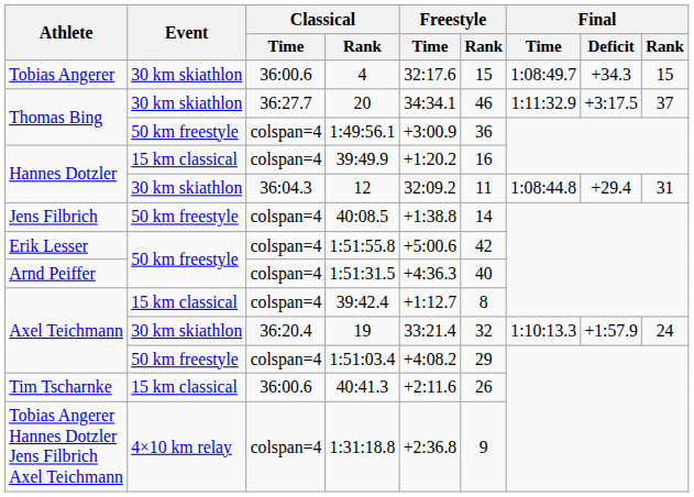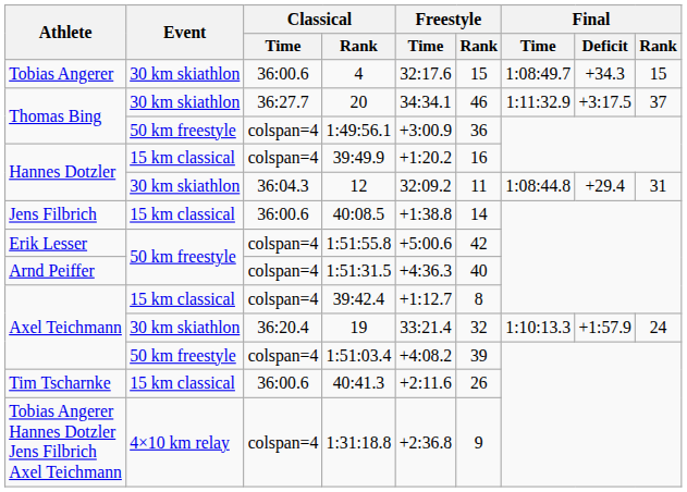 <table class="wikitable" style="font-size:90%">
 <tr>
 <th rowspan=2>Athlete</th>
 <th rowspan=2>Event</th>
 <th colspan=2>Classical</th>
 <th colspan=2>Freestyle</th>
 <th colspan=3>Final</th>
 </tr>
 <tr style="font-size: 95%">
 <th>Time</th>
 <th>Rank</th>
 <th>Time</th>
 <th>Rank</th>
 <th>Time</th>
 <th>Deficit</th>
 <th>Rank</th>
 </tr>
 <tr align=center>
 <td align=left><a href='#'>Tobias Angerer</a></td>
 <td align=left><a href='#'>30 km skiathlon</a></td>
 <td>36:00.6</td>
 <td>4</td>
 <td>32:17.6</td>
 <td>15</td>
 <td>1:08:49.7</td>
 <td>+34.3</td>
 <td>15</td>
 </tr>
 <tr align=center>
 <td align=left rowspan=2><a href='#'>Thomas Bing</a></td>
 <td align=left><a href='#'>30 km skiathlon</a></td>
 <td>36:27.7</td>
 <td>20</td>
 <td>34:34.1</td>
 <td>46</td>
 <td>1:11:32.9</td>
 <td>+3:17.5</td>
 <td>37</td>
 </tr>
 <tr align=center>
 <td align=left><a href='#'>50 km freestyle</a></td>
 <td>colspan=4 </td>
 <td>1:49:56.1</td>
 <td>+3:00.9</td>
 <td>36</td>
 </tr>
 <tr align=center>
 <td align=left rowspan=2><a href='#'>Hannes Dotzler</a></td>
 <td align=left><a href='#'>15 km classical</a></td>
 <td>colspan=4 </td>
 <td>39:49.9</td>
 <td>+1:20.2</td>
 <td>16</td>
 </tr>
 <tr align=center>
 <td align=left><a href='#'>30 km skiathlon</a></td>
 <td>36:04.3</td>
 <td>12</td>
 <td>32:09.2</td>
 <td>11</td>
 <td>1:08:44.8</td>
 <td>+29.4</td>
 <td>31</td>
 </tr>
 <tr align=center>
 <td align=left><a href='#'>Jens Filbrich</a></td>
-<td align=left><a href='#'>50 km freestyle</a></td>
-<td>colspan=4 </td>
+<td align=left><a href='#'>15 km classical</a></td>
+<td>36:00.6</td>
 <td>40:08.5</td>
 <td>+1:38.8</td>
 <td>14</td>
 </tr>
 <tr align=center>
 <td align=left><a href='#'>Erik Lesser</a></td>
 <td align=left rowspan=2><a href='#'>50 km freestyle</a></td>
 <td>colspan=4 </td>
 <td>1:51:55.8</td>
 <td>+5:00.6</td>
 <td>42</td>
 </tr>
 <tr align=center>
 <td align=left><a href='#'>Arnd Peiffer</a></td>
 <td>colspan=4 </td>
 <td>1:51:31.5</td>
 <td>+4:36.3</td>
 <td>40</td>
 </tr>
 <tr align=center>
 <td align=left rowspan=3><a href='#'>Axel Teichmann</a></td>
 <td align=left><a href='#'>15 km classical</a></td>
 <td>colspan=4 </td>
 <td>39:42.4</td>
 <td>+1:12.7</td>
 <td>8</td>
 </tr>
 <tr align=center>
 <td align=left><a href='#'>30 km skiathlon</a></td>
 <td>36:20.4</td>
 <td>19</td>
 <td>33:21.4</td>
 <td>32</td>
 <td>1:10:13.3</td>
 <td>+1:57.9</td>
 <td>24</td>
 </tr>
 <tr align=center>
 <td align=left><a href='#'>50 km freestyle</a></td>
 <td>colspan=4 </td>
 <td>1:51:03.4</td>
 <td>+4:08.2</td>
-<td>29</td>
+<td>39</td>
 </tr>
 <tr align=center>
 <td align=left><a href='#'>Tim Tscharnke</a></td>
 <td align=left><a href='#'>15 km classical</a></td>
 <td>36:00.6</td>
 <td>40:41.3</td>
 <td>+2:11.6</td>
 <td>26</td>
 </tr>
 <tr align=center>
 <td align=left><a href='#'>Tobias Angerer</a><br><a href='#'>Hannes Dotzler</a><br><a href='#'>Jens Filbrich</a><br><a href='#'>Axel Teichmann</a></td>
 <td align=left><a href='#'>4×10 km relay</a></td>
 <td>colspan=4 </td>
 <td>1:31:18.8</td>
 <td>+2:36.8</td>
 <td>9</td>
 </tr>
 </table>
